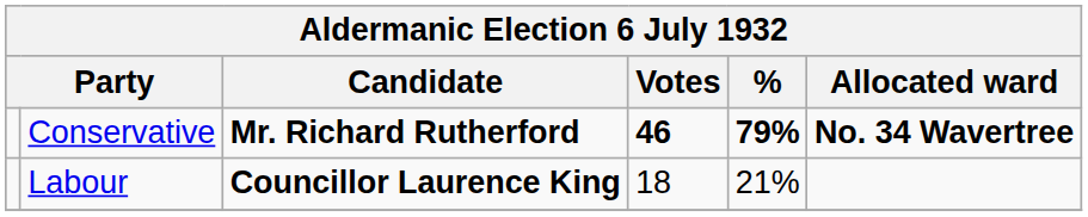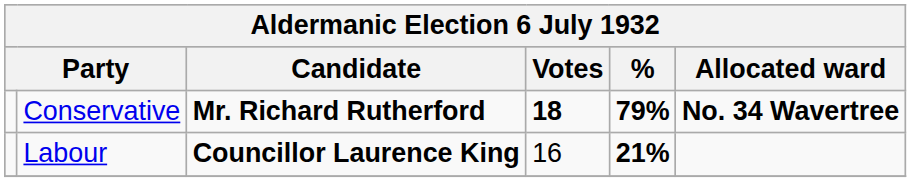 <table class="wikitable">
 <tr>
 <th colspan="6"><strong>Aldermanic Election 6 July 1932</strong></th>
 </tr>
 <tr>
 <th colspan="2">Party</th>
 <th>Candidate</th>
 <th>Votes</th>
 <th>%</th>
 <th>Allocated ward</th>
 </tr>
 <tr>
 <td style="background-color:"></td>
 <td><a href='#'>Conservative</a></td>
 <td><strong>Mr. Richard Rutherford</strong></td>
-<td><strong>46</strong></td>
+<td><strong>18</strong></td>
 <td><strong>79%</strong></td>
 <td><strong>No. 34 Wavertree</strong></td>
 </tr>
 <tr>
 <td style="background-color:"></td>
 <td><a href='#'>Labour</a></td>
 <td><strong>Councillor Laurence King</strong></td>
-<td>18</td>
-<td>21%</td>
+<td>16</td>
+<td><strong>21%</strong></td>
 <td></td>
 </tr>
 <tr>
 </tr>
 </table>
